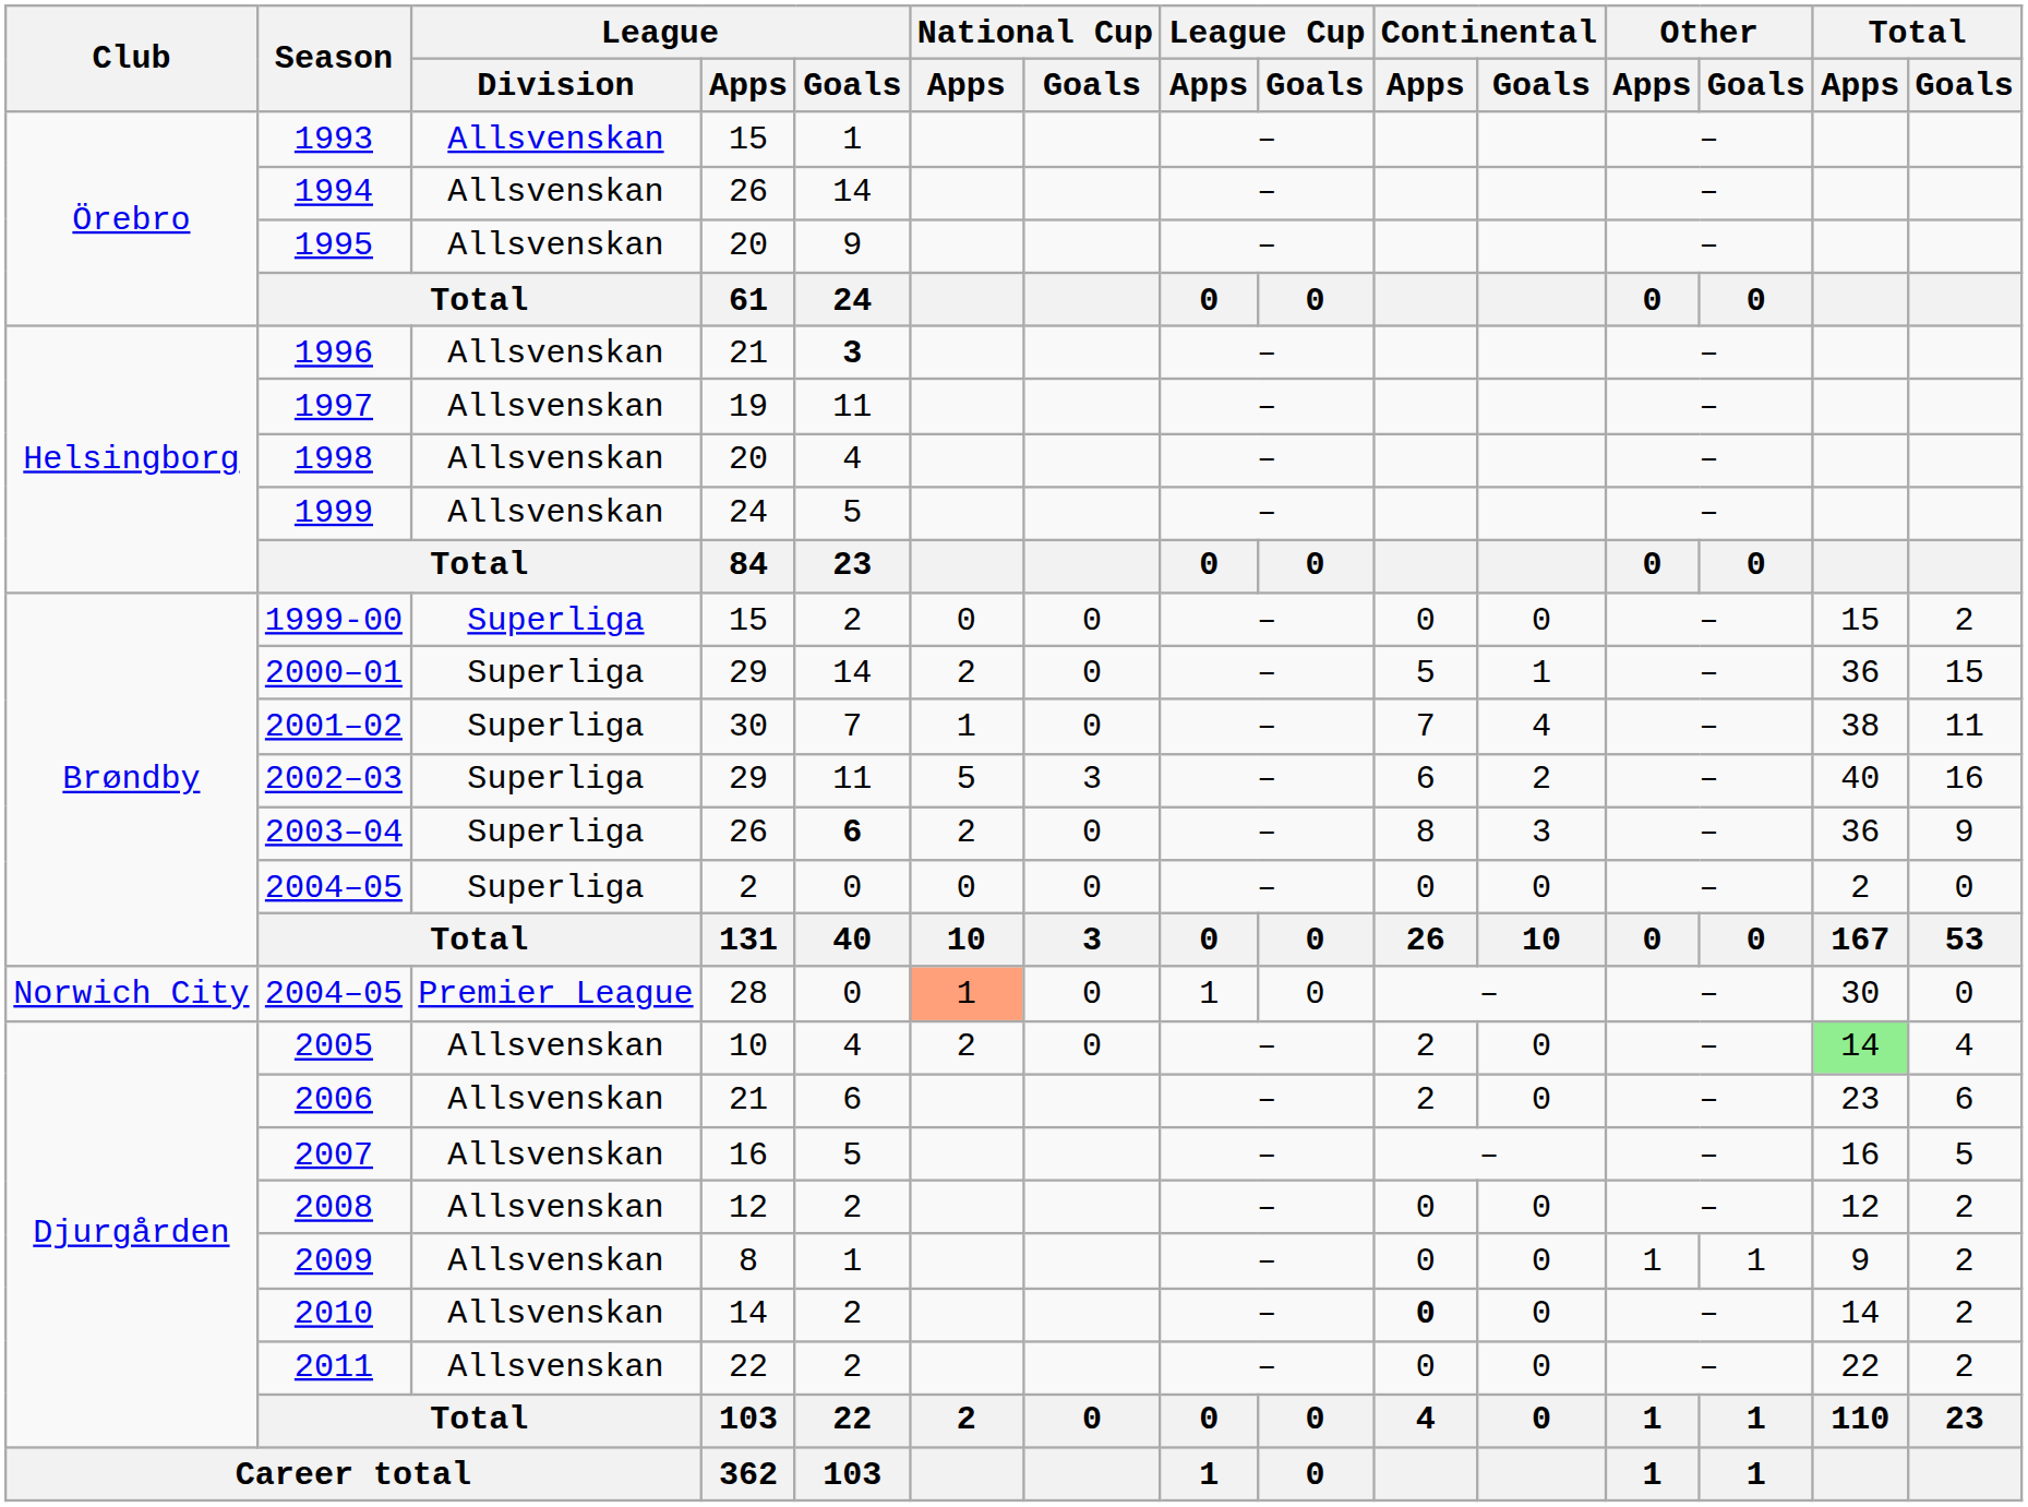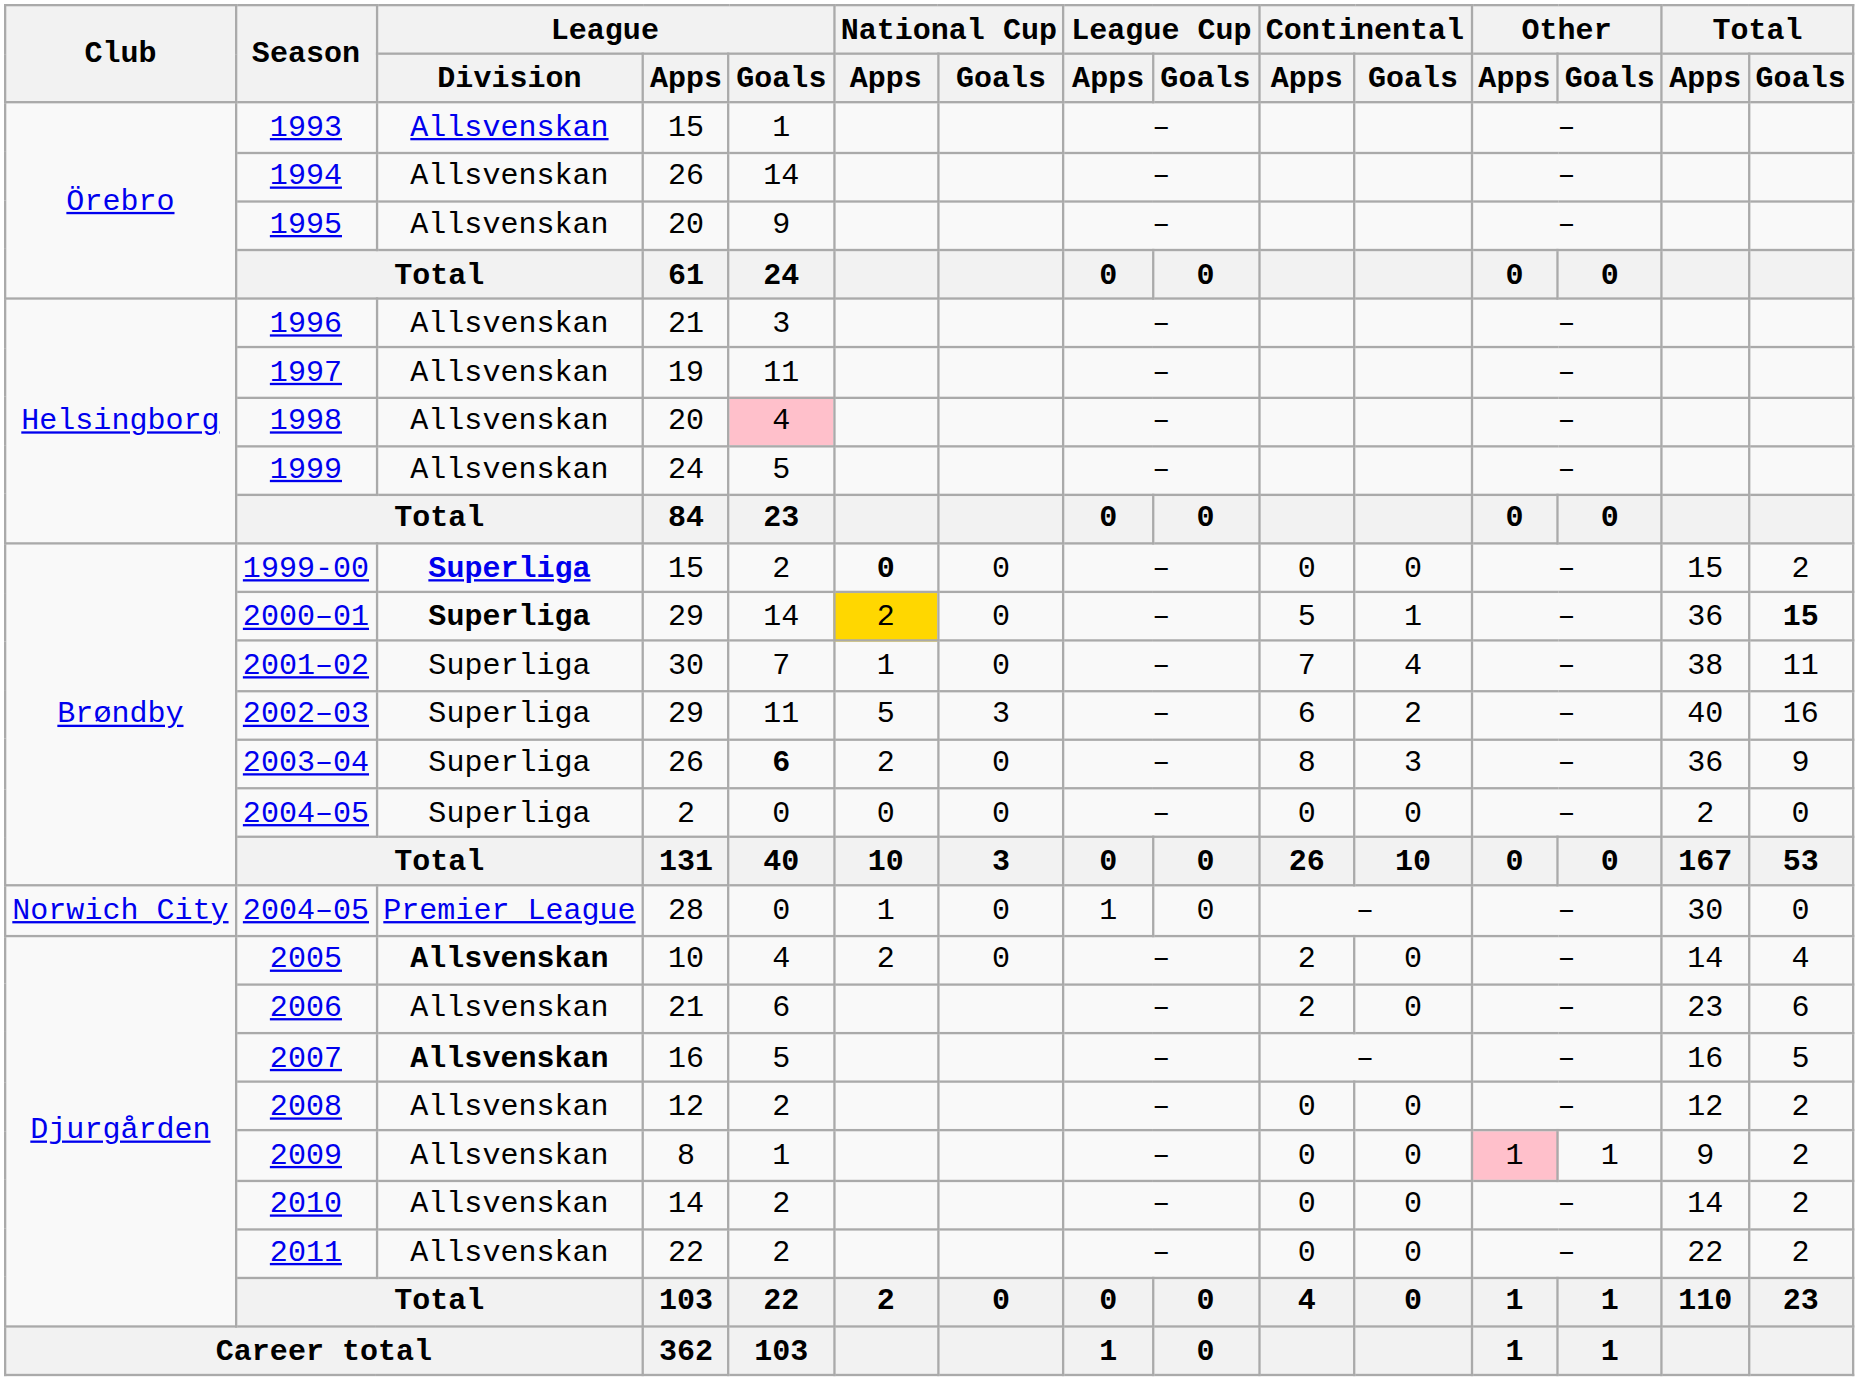 <table class="wikitable" style="text-align:center">
 <tr>
 <th rowspan="2">Club</th>
 <th rowspan="2">Season</th>
 <th colspan="3">League</th>
 <th colspan="2">National Cup</th>
 <th colspan="2">League Cup</th>
 <th colspan="2">Continental</th>
 <th colspan="2">Other</th>
 <th colspan="2">Total</th>
 </tr>
 <tr>
 <th>Division</th>
 <th>Apps</th>
 <th>Goals</th>
 <th>Apps</th>
 <th>Goals</th>
 <th>Apps</th>
 <th>Goals</th>
 <th>Apps</th>
 <th>Goals</th>
 <th>Apps</th>
 <th>Goals</th>
 <th>Apps</th>
 <th>Goals</th>
 </tr>
 <tr>
 <td rowspan="4"><a href='#'>Örebro</a></td>
 <td><a href='#'>1993</a></td>
 <td><a href='#'>Allsvenskan</a></td>
 <td>15</td>
 <td>1</td>
 <td></td>
 <td></td>
 <td colspan="2">–</td>
 <td></td>
 <td></td>
 <td colspan="2">–</td>
 <td></td>
 <td></td>
 </tr>
 <tr>
 <td><a href='#'>1994</a></td>
 <td>Allsvenskan</td>
 <td>26</td>
 <td>14</td>
 <td></td>
 <td></td>
 <td colspan="2">–</td>
 <td></td>
 <td></td>
 <td colspan="2">–</td>
 <td></td>
 <td></td>
 </tr>
 <tr>
 <td><a href='#'>1995</a></td>
 <td>Allsvenskan</td>
 <td>20</td>
 <td>9</td>
 <td></td>
 <td></td>
 <td colspan="2">–</td>
 <td></td>
 <td></td>
 <td colspan="2">–</td>
 <td></td>
 <td></td>
 </tr>
 <tr>
 <th colspan="2">Total</th>
 <th>61</th>
 <th>24</th>
 <th></th>
 <th></th>
 <th>0</th>
 <th>0</th>
 <th></th>
 <th></th>
 <th>0</th>
 <th>0</th>
 <th></th>
 <th></th>
 </tr>
 <tr>
 <td rowspan="5"><a href='#'>Helsingborg</a></td>
 <td><a href='#'>1996</a></td>
 <td>Allsvenskan</td>
 <td>21</td>
-<td><strong>3</strong></td>
+<td>3</td>
 <td></td>
 <td></td>
 <td colspan="2">–</td>
 <td></td>
 <td></td>
 <td colspan="2">–</td>
 <td></td>
 <td></td>
 </tr>
 <tr>
 <td><a href='#'>1997</a></td>
 <td>Allsvenskan</td>
 <td>19</td>
 <td>11</td>
 <td></td>
 <td></td>
 <td colspan="2">–</td>
 <td></td>
 <td></td>
 <td colspan="2">–</td>
 <td></td>
 <td></td>
 </tr>
 <tr>
 <td><a href='#'>1998</a></td>
 <td>Allsvenskan</td>
 <td>20</td>
-<td>4</td>
+<td style="background: pink;">4</td>
 <td></td>
 <td></td>
 <td colspan="2">–</td>
 <td></td>
 <td></td>
 <td colspan="2">–</td>
 <td></td>
 <td></td>
 </tr>
 <tr>
 <td><a href='#'>1999</a></td>
 <td>Allsvenskan</td>
 <td>24</td>
 <td>5</td>
 <td></td>
 <td></td>
 <td colspan="2">–</td>
 <td></td>
 <td></td>
 <td colspan="2">–</td>
 <td></td>
 <td></td>
 </tr>
 <tr>
 <th colspan="2">Total</th>
 <th>84</th>
 <th>23</th>
 <th></th>
 <th></th>
 <th>0</th>
 <th>0</th>
 <th></th>
 <th></th>
 <th>0</th>
 <th>0</th>
 <th></th>
 <th></th>
 </tr>
 <tr>
 <td rowspan="7"><a href='#'>Brøndby</a></td>
 <td><a href='#'>1999-00</a></td>
-<td><a href='#'>Superliga</a></td>
+<td><strong><a href='#'>Superliga</a></strong></td>
 <td>15</td>
 <td>2</td>
-<td>0</td>
+<td><strong>0</strong></td>
 <td>0</td>
 <td colspan="2">–</td>
 <td>0</td>
 <td>0</td>
 <td colspan="2">–</td>
 <td>15</td>
 <td>2</td>
 </tr>
 <tr>
 <td><a href='#'>2000–01</a></td>
-<td>Superliga</td>
+<td><strong>Superliga</strong></td>
 <td>29</td>
 <td>14</td>
-<td>2</td>
+<td style="background: gold;">2</td>
 <td>0</td>
 <td colspan="2">–</td>
 <td>5</td>
 <td>1</td>
 <td colspan="2">–</td>
 <td>36</td>
-<td>15</td>
+<td><strong>15</strong></td>
 </tr>
 <tr>
 <td><a href='#'>2001–02</a></td>
 <td>Superliga</td>
 <td>30</td>
 <td>7</td>
 <td>1</td>
 <td>0</td>
 <td colspan="2">–</td>
 <td>7</td>
 <td>4</td>
 <td colspan="2">–</td>
 <td>38</td>
 <td>11</td>
 </tr>
 <tr>
 <td><a href='#'>2002–03</a></td>
 <td>Superliga</td>
 <td>29</td>
 <td>11</td>
 <td>5</td>
 <td>3</td>
 <td colspan="2">–</td>
 <td>6</td>
 <td>2</td>
 <td colspan="2">–</td>
 <td>40</td>
 <td>16</td>
 </tr>
 <tr>
 <td><a href='#'>2003–04</a></td>
 <td>Superliga</td>
 <td>26</td>
 <td><strong>6</strong></td>
 <td>2</td>
 <td>0</td>
 <td colspan="2">–</td>
 <td>8</td>
 <td>3</td>
 <td colspan="2">–</td>
 <td>36</td>
 <td>9</td>
 </tr>
 <tr>
 <td><a href='#'>2004–05</a></td>
 <td>Superliga</td>
 <td>2</td>
 <td>0</td>
 <td>0</td>
 <td>0</td>
 <td colspan="2">–</td>
 <td>0</td>
 <td>0</td>
 <td colspan="2">–</td>
 <td>2</td>
 <td>0</td>
 </tr>
 <tr>
 <th colspan="2">Total</th>
 <th>131</th>
 <th>40</th>
 <th>10</th>
 <th>3</th>
 <th>0</th>
 <th>0</th>
 <th>26</th>
 <th>10</th>
 <th>0</th>
 <th>0</th>
 <th>167</th>
 <th>53</th>
 </tr>
 <tr>
 <td><a href='#'>Norwich City</a></td>
 <td><a href='#'>2004–05</a></td>
 <td><a href='#'>Premier League</a></td>
 <td>28</td>
 <td>0</td>
-<td style="background: lightsalmon;">1</td>
+<td>1</td>
 <td>0</td>
 <td>1</td>
 <td>0</td>
 <td colspan="2">–</td>
 <td colspan="2">–</td>
 <td>30</td>
 <td>0</td>
 </tr>
 <tr>
 <td rowspan="8"><a href='#'>Djurgården</a></td>
 <td><a href='#'>2005</a></td>
-<td>Allsvenskan</td>
+<td><strong>Allsvenskan</strong></td>
 <td>10</td>
 <td>4</td>
 <td>2</td>
 <td>0</td>
 <td colspan="2">–</td>
 <td>2</td>
 <td>0</td>
 <td colspan="2">–</td>
-<td style="background: lightgreen;">14</td>
+<td>14</td>
 <td>4</td>
 </tr>
 <tr>
 <td><a href='#'>2006</a></td>
 <td>Allsvenskan</td>
 <td>21</td>
 <td>6</td>
 <td></td>
 <td></td>
 <td colspan="2">–</td>
 <td>2</td>
 <td>0</td>
 <td colspan="2">–</td>
 <td>23</td>
 <td>6</td>
 </tr>
 <tr>
 <td><a href='#'>2007</a></td>
-<td>Allsvenskan</td>
+<td><strong>Allsvenskan</strong></td>
 <td>16</td>
 <td>5</td>
 <td></td>
 <td></td>
 <td colspan="2">–</td>
 <td colspan="2">–</td>
 <td colspan="2">–</td>
 <td>16</td>
 <td>5</td>
 </tr>
 <tr>
 <td><a href='#'>2008</a></td>
 <td>Allsvenskan</td>
 <td>12</td>
 <td>2</td>
 <td></td>
 <td></td>
 <td colspan="2">–</td>
 <td>0</td>
 <td>0</td>
 <td colspan="2">–</td>
 <td>12</td>
 <td>2</td>
 </tr>
 <tr>
 <td><a href='#'>2009</a></td>
 <td>Allsvenskan</td>
 <td>8</td>
 <td>1</td>
 <td></td>
 <td></td>
 <td colspan="2">–</td>
 <td>0</td>
 <td>0</td>
-<td>1</td>
+<td style="background: pink;">1</td>
 <td>1</td>
 <td>9</td>
 <td>2</td>
 </tr>
 <tr>
 <td><a href='#'>2010</a></td>
 <td>Allsvenskan</td>
 <td>14</td>
 <td>2</td>
 <td></td>
 <td></td>
 <td colspan="2">–</td>
-<td><strong>0</strong></td>
+<td>0</td>
 <td>0</td>
 <td colspan="2">–</td>
 <td>14</td>
 <td>2</td>
 </tr>
 <tr>
 <td><a href='#'>2011</a></td>
 <td>Allsvenskan</td>
 <td>22</td>
 <td>2</td>
 <td></td>
 <td></td>
 <td colspan="2">–</td>
 <td>0</td>
 <td>0</td>
 <td colspan="2">–</td>
 <td>22</td>
 <td>2</td>
 </tr>
 <tr>
 <th colspan="2">Total</th>
 <th>103</th>
 <th>22</th>
 <th>2</th>
 <th>0</th>
 <th>0</th>
 <th>0</th>
 <th>4</th>
 <th>0</th>
 <th>1</th>
 <th>1</th>
 <th>110</th>
 <th>23</th>
 </tr>
 <tr>
 <th colspan="3">Career total</th>
 <th>362</th>
 <th>103</th>
 <th></th>
 <th></th>
 <th>1</th>
 <th>0</th>
 <th></th>
 <th></th>
 <th>1</th>
 <th>1</th>
 <th></th>
 <th></th>
 </tr>
 </table>
